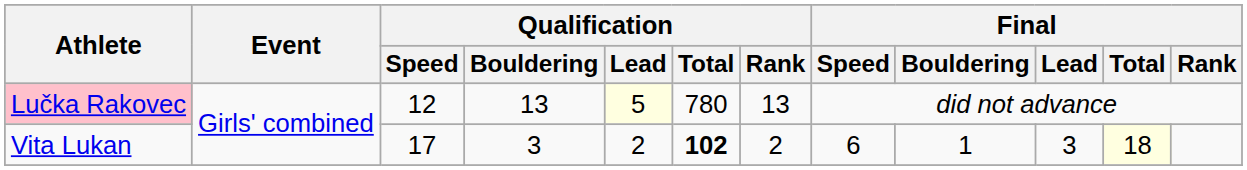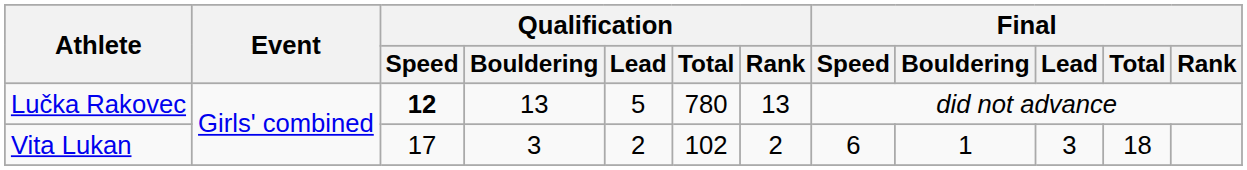 <table class="wikitable" style="font-size:90%">
 <tr>
 <th rowspan=2>Athlete</th>
 <th rowspan=2>Event</th>
 <th colspan=5>Qualification</th>
 <th colspan=5>Final</th>
 </tr>
 <tr style="font-size:95%">
 <th>Speed</th>
 <th>Bouldering</th>
 <th>Lead</th>
 <th>Total</th>
 <th>Rank</th>
 <th>Speed</th>
 <th>Bouldering</th>
 <th>Lead</th>
 <th>Total</th>
 <th>Rank</th>
 </tr>
 <tr align=center>
-<td align=left style="background: pink;"><a href='#'>Lučka Rakovec</a></td>
+<td align=left><a href='#'>Lučka Rakovec</a></td>
 <td rowspan=2 align=left><a href='#'>Girls' combined</a></td>
-<td>12</td>
+<td><strong>12</strong></td>
 <td>13</td>
-<td style="background: lightyellow;">5</td>
+<td>5</td>
 <td>780</td>
 <td>13</td>
 <td Colspan=5><em>did not advance</em></td>
 </tr>
 <tr align=center>
 <td align=left><a href='#'>Vita Lukan</a></td>
 <td>17</td>
 <td>3</td>
 <td>2</td>
-<td><strong>102</strong></td>
+<td>102</td>
 <td>2</td>
 <td>6</td>
 <td>1</td>
 <td>3</td>
-<td style="background: lightyellow;">18</td>
+<td>18</td>
 <td></td>
 </tr>
 </table>
